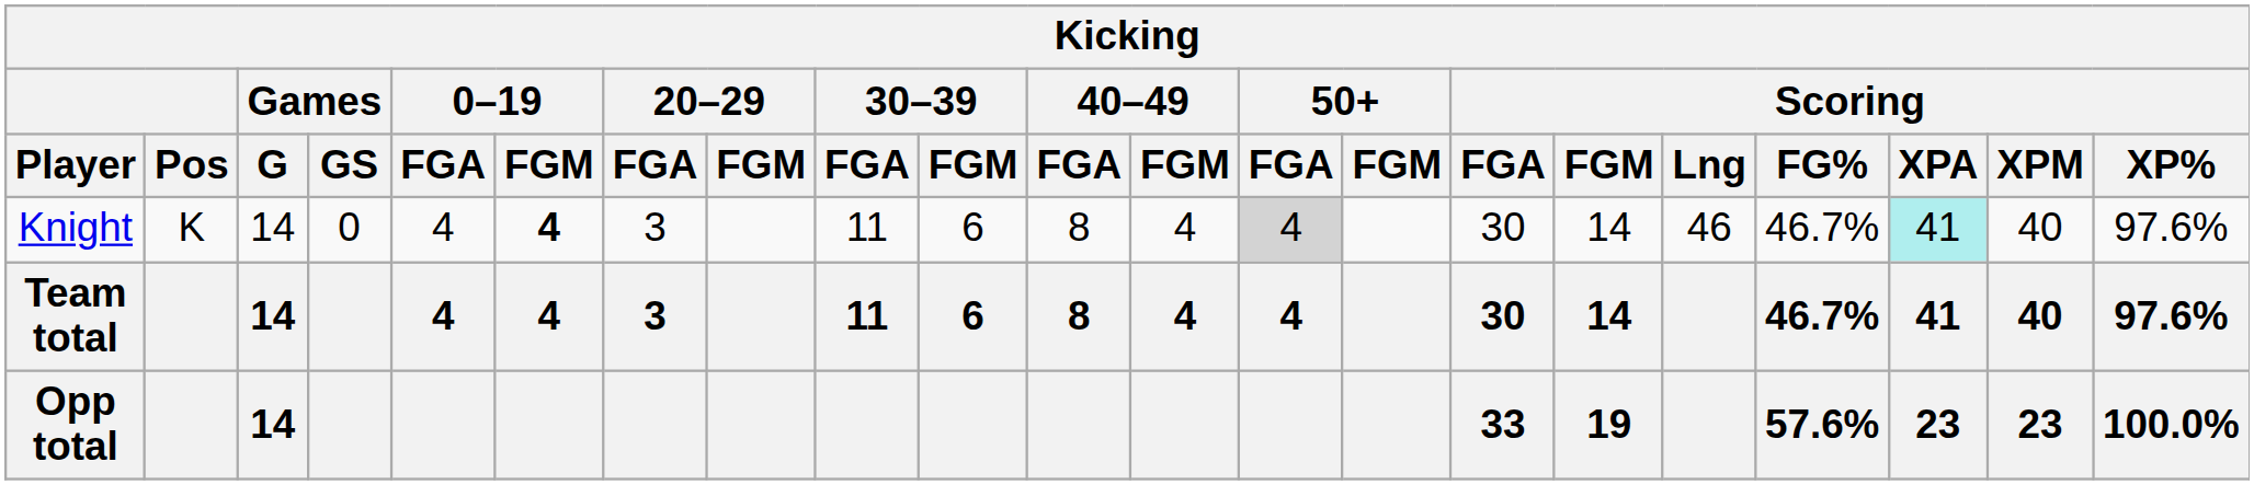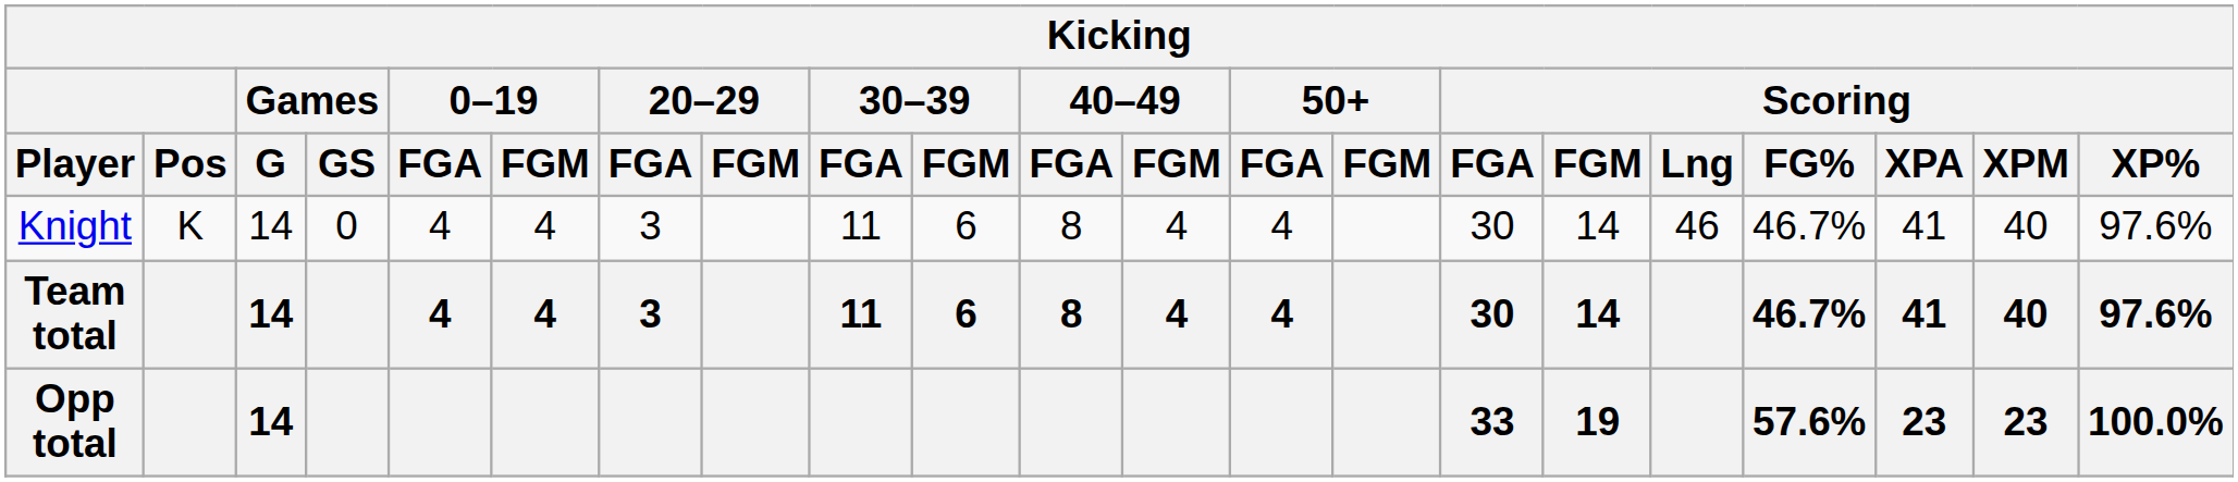 <table class="wikitable" style="text-align:center">
 <tr>
 <th colspan="21">Kicking</th>
 </tr>
 <tr>
 <th colspan="2"></th>
 <th colspan="2">Games</th>
 <th colspan="2">0–19</th>
 <th colspan="2">20–29</th>
 <th colspan="2">30–39</th>
 <th colspan="2">40–49</th>
 <th colspan="2">50+</th>
 <th colspan="7">Scoring</th>
 </tr>
 <tr>
 <th>Player</th>
 <th>Pos</th>
 <th>G</th>
 <th>GS</th>
 <th>FGA</th>
 <th>FGM</th>
 <th>FGA</th>
 <th>FGM</th>
 <th>FGA</th>
 <th>FGM</th>
 <th>FGA</th>
 <th>FGM</th>
 <th>FGA</th>
 <th>FGM</th>
 <th>FGA</th>
 <th>FGM</th>
 <th>Lng</th>
 <th>FG%</th>
 <th>XPA</th>
 <th>XPM</th>
 <th>XP%</th>
 </tr>
 <tr>
 <td><a href='#'>Knight</a></td>
 <td>K</td>
 <td>14</td>
 <td>0</td>
 <td>4</td>
-<td><strong>4</strong></td>
+<td>4</td>
 <td>3</td>
 <td></td>
 <td>11</td>
 <td>6</td>
 <td>8</td>
 <td>4</td>
-<td style="background: lightgrey;">4</td>
+<td>4</td>
 <td></td>
 <td>30</td>
 <td>14</td>
 <td>46</td>
 <td>46.7%</td>
-<td style="background: paleturquoise;">41</td>
+<td>41</td>
 <td>40</td>
 <td>97.6%</td>
 </tr>
 <tr>
 <th>Team total</th>
 <th></th>
 <th>14</th>
 <th></th>
 <th>4</th>
 <th>4</th>
 <th>3</th>
 <th></th>
 <th>11</th>
 <th>6</th>
 <th>8</th>
 <th>4</th>
 <th>4</th>
 <th></th>
 <th>30</th>
 <th>14</th>
 <th></th>
 <th>46.7%</th>
 <th>41</th>
 <th>40</th>
 <th>97.6%</th>
 </tr>
 <tr>
 <th>Opp total</th>
 <th></th>
 <th>14</th>
 <th></th>
 <th></th>
 <th></th>
 <th></th>
 <th></th>
 <th></th>
 <th></th>
 <th></th>
 <th></th>
 <th></th>
 <th></th>
 <th>33</th>
 <th>19</th>
 <th></th>
 <th>57.6%</th>
 <th>23</th>
 <th>23</th>
 <th>100.0%</th>
 </tr>
 </table>
